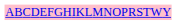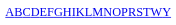 <table id="toc" class="toc" summary="Class">
 <tr>
 <th></th>
 </tr>
 <tr>
-<td style="background: pink; text-align:center;"><a href='#'>A</a><a href='#'>B</a><a href='#'>C</a><a href='#'>D</a><a href='#'>E</a><a href='#'>F</a><a href='#'>G</a><a href='#'>H</a><a href='#'>I</a><a href='#'>K</a><a href='#'>L</a><a href='#'>M</a><a href='#'>N</a><a href='#'>O</a><a href='#'>P</a><a href='#'>R</a><a href='#'>S</a><a href='#'>T</a><a href='#'>W</a><a href='#'>Y</a></td>
+<td style="text-align:center;"><a href='#'>A</a><a href='#'>B</a><a href='#'>C</a><a href='#'>D</a><a href='#'>E</a><a href='#'>F</a><a href='#'>G</a><a href='#'>H</a><a href='#'>I</a><a href='#'>K</a><a href='#'>L</a><a href='#'>M</a><a href='#'>N</a><a href='#'>O</a><a href='#'>P</a><a href='#'>R</a><a href='#'>S</a><a href='#'>T</a><a href='#'>W</a><a href='#'>Y</a></td>
 </tr>
 </table>
